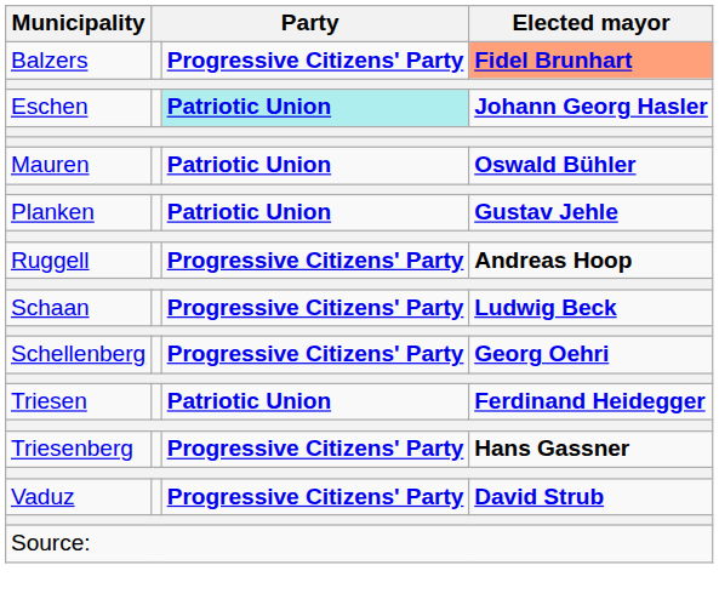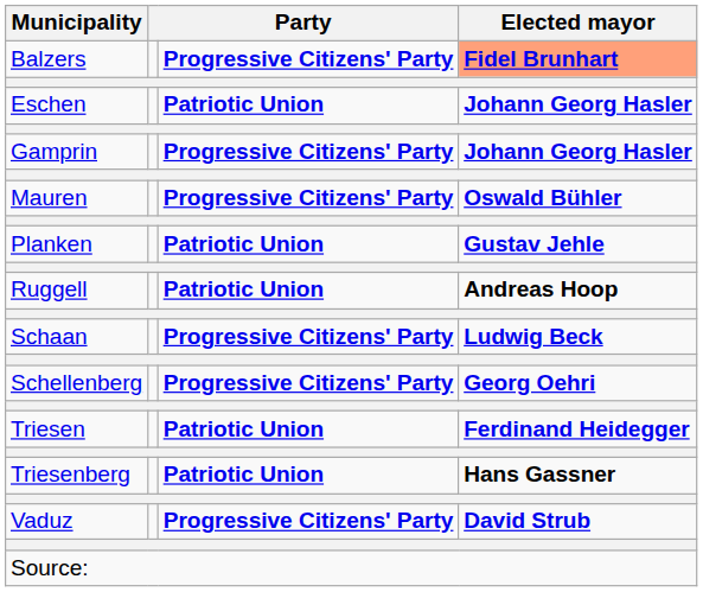 <table class="wikitable" style="text-align:right">
 <tr>
 <th>Municipality</th>
 <th colspan="2">Party</th>
 <th>Elected mayor</th>
 </tr>
 <tr>
 <td align="left"><a href='#'>Balzers</a></td>
 <td style="color:inherit;background:"></td>
 <td align="left"><strong><a href='#'>Progressive Citizens' Party</a></strong></td>
 <td align="left" style="background: lightsalmon;"><strong><a href='#'>Fidel Brunhart</a></strong></td>
 </tr>
 <tr>
 <th colspan="4"></th>
 </tr>
 <tr>
 <td align="left"><a href='#'>Eschen</a></td>
 <td style="color:inherit;background:"></td>
-<td align="left" style="background: paleturquoise;"><a href='#'><strong>Patriotic Union</strong></a></td>
+<td align="left"><a href='#'><strong>Patriotic Union</strong></a></td>
 <td align="left"><a href='#'><strong>Johann Georg Hasler</strong></a></td>
 </tr>
 <tr>
 <th colspan="4"></th>
+</tr>
+<tr>
+<td align="left"><a href='#'>Gamprin</a></td>
+<td style="color:inherit;background:"></td>
+<td align="left"><strong><a href='#'>Progressive Citizens' Party</a></strong></td>
+<td align="left"><strong><a href='#'>Johann Georg Hasler</a></strong></td>
 </tr>
 <tr>
 <th colspan="4"></th>
 </tr>
 <tr>
 <td align="left"><a href='#'>Mauren</a></td>
 <td style="color:inherit;background:"></td>
-<td align="left"><a href='#'><strong>Patriotic Union</strong></a></td>
+<td align="left"><strong><a href='#'>Progressive Citizens' Party</a></strong></td>
 <td align="left"><strong><a href='#'>Oswald Bühler</a></strong></td>
 </tr>
 <tr>
 <th colspan="4"></th>
 </tr>
 <tr>
 <td align="left"><a href='#'>Planken</a></td>
 <td style="color:inherit;background:"></td>
 <td align="left"><a href='#'><strong>Patriotic Union</strong></a></td>
 <td align="left"><strong><a href='#'>Gustav Jehle</a></strong></td>
 </tr>
 <tr>
 <th colspan="4"></th>
 </tr>
 <tr>
 <td align="left"><a href='#'>Ruggell</a></td>
 <td style="color:inherit;background:"></td>
-<td align="left"><strong><a href='#'>Progressive Citizens' Party</a></strong></td>
+<td align="left"><a href='#'><strong>Patriotic Union</strong></a></td>
 <td align="left"><strong>Andreas Hoop</strong></td>
 </tr>
 <tr>
 <th colspan="4"></th>
 </tr>
 <tr>
 <td align="left"><a href='#'>Schaan</a></td>
 <td style="color:inherit;background:"></td>
 <td align="left"><strong><a href='#'>Progressive Citizens' Party</a></strong></td>
 <td align="left"><strong><a href='#'>Ludwig Beck</a></strong></td>
 </tr>
 <tr>
 <th colspan="4"></th>
 </tr>
 <tr>
 <td align="left"><a href='#'>Schellenberg</a></td>
 <td style="color:inherit;background:"></td>
 <td align="left"><strong><a href='#'>Progressive Citizens' Party</a></strong></td>
 <td align="left"><strong><a href='#'>Georg Oehri</a></strong></td>
 </tr>
 <tr>
 <th colspan="4"></th>
 </tr>
 <tr>
 <td align="left"><a href='#'>Triesen</a></td>
 <td style="color:inherit;background:"></td>
 <td align="left"><a href='#'><strong>Patriotic Union</strong></a></td>
 <td align="left"><strong><a href='#'>Ferdinand Heidegger</a></strong></td>
 </tr>
 <tr>
 <th colspan="4"></th>
 </tr>
 <tr>
 <td align="left"><a href='#'>Triesenberg</a></td>
 <td style="color:inherit;background:"></td>
-<td align="left"><strong><a href='#'>Progressive Citizens' Party</a></strong></td>
+<td align="left"><a href='#'><strong>Patriotic Union</strong></a></td>
 <td align="left"><strong>Hans Gassner</strong></td>
 </tr>
 <tr>
 <th colspan="4"></th>
 </tr>
 <tr>
 <td align="left"><a href='#'>Vaduz</a></td>
 <td style="color:inherit;background:"></td>
 <td align="left"><strong><a href='#'>Progressive Citizens' Party</a></strong></td>
 <td align="left"><strong><a href='#'>David Strub</a></strong></td>
 </tr>
 <tr>
 <th colspan="4"></th>
 </tr>
 <tr>
 <td colspan="4" align="left">Source: </td>
 </tr>
 </table>
